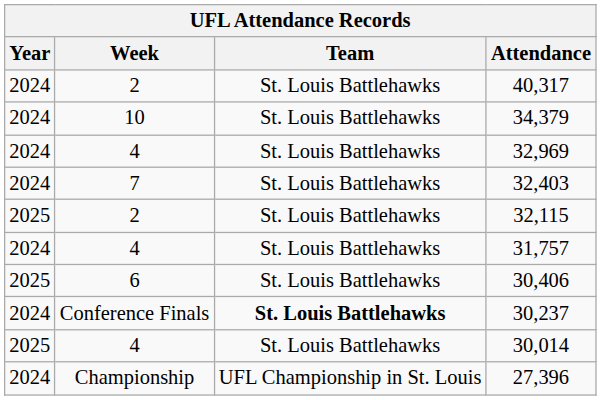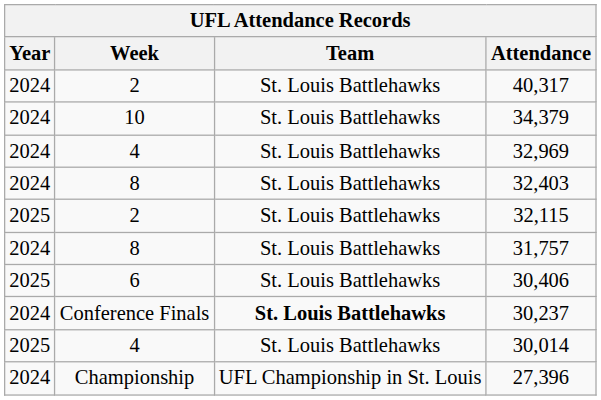 <table class="wikitable sortable" style="text-align:center;">
 <tr>
 <th colspan="4">UFL Attendance Records</th>
 </tr>
 <tr>
 <th colspan="1" *>Year</th>
 <th colspan="1" *>Week</th>
 <th colspan="1" *>Team</th>
 <th colspan="1" *>Attendance</th>
 </tr>
 <tr>
 <td>2024</td>
 <td>2</td>
 <td>St. Louis Battlehawks</td>
 <td>40,317</td>
 </tr>
 <tr>
 <td>2024</td>
 <td>10</td>
 <td>St. Louis Battlehawks</td>
 <td>34,379</td>
 </tr>
 <tr>
 <td>2024</td>
 <td>4</td>
 <td>St. Louis Battlehawks</td>
 <td>32,969</td>
 </tr>
 <tr>
 <td>2024</td>
-<td>7</td>
+<td>8</td>
 <td>St. Louis Battlehawks</td>
 <td>32,403</td>
 </tr>
 <tr>
 <td>2025</td>
 <td>2</td>
 <td>St. Louis Battlehawks</td>
 <td>32,115</td>
 </tr>
 <tr>
 <td>2024</td>
-<td>4</td>
+<td>8</td>
 <td>St. Louis Battlehawks</td>
 <td>31,757</td>
 </tr>
 <tr>
 <td>2025</td>
 <td>6</td>
 <td>St. Louis Battlehawks</td>
 <td>30,406</td>
 </tr>
 <tr>
 <td>2024</td>
 <td>Conference Finals</td>
 <td><strong>St. Louis Battlehawks</strong></td>
 <td>30,237</td>
 </tr>
 <tr>
 <td>2025</td>
 <td>4</td>
 <td>St. Louis Battlehawks</td>
 <td>30,014</td>
 </tr>
 <tr>
 <td>2024</td>
 <td>Championship</td>
 <td>UFL Championship in St. Louis</td>
 <td>27,396</td>
 </tr>
 </table>
